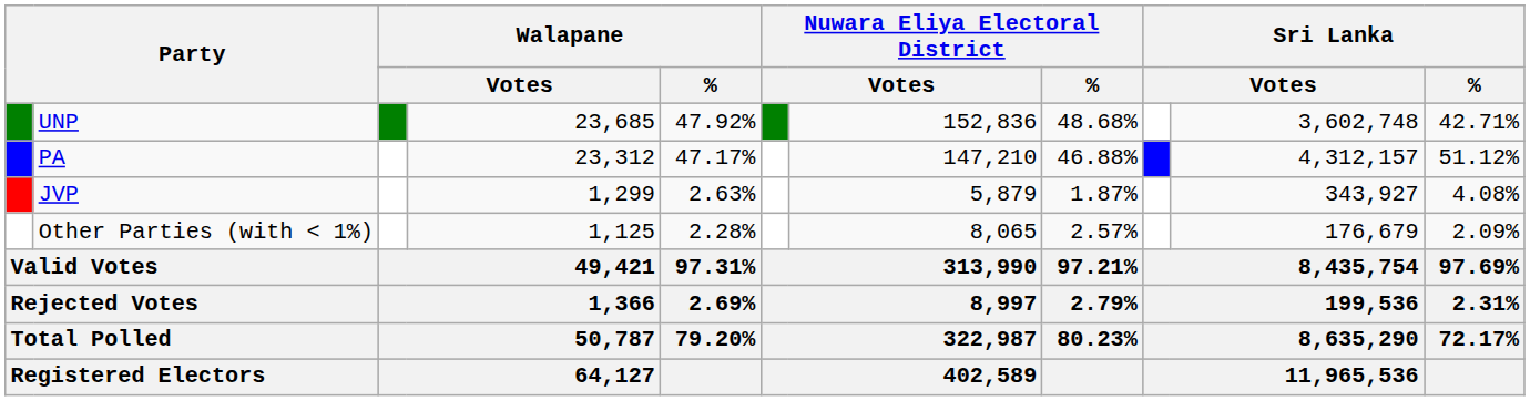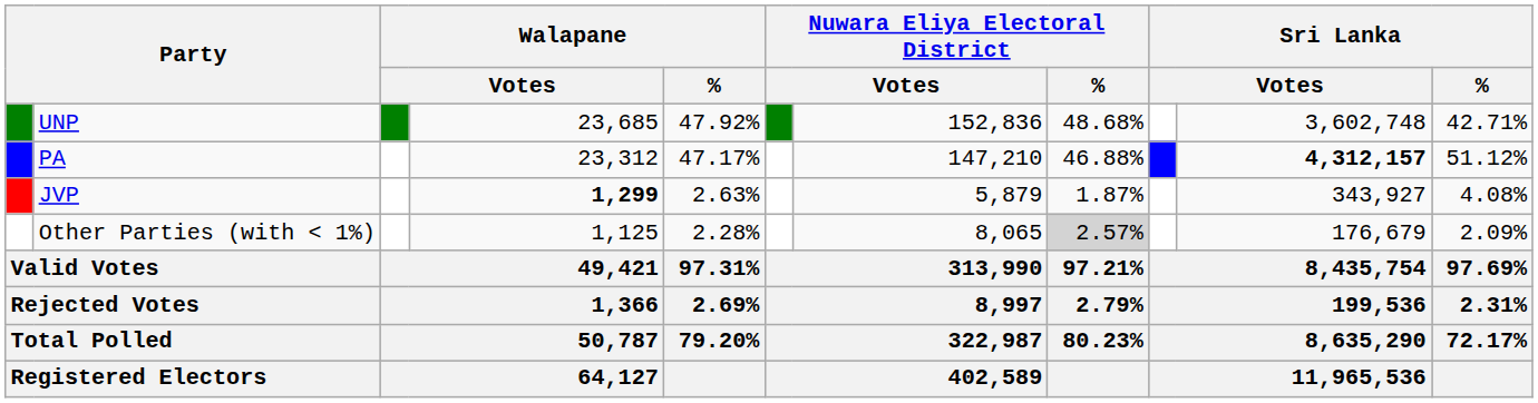 <table class="wikitable">
 <tr>
 <th colspan="2" width="144px"rowspan="2">Party</th>
 <th colspan="3" width="216px">Walapane</th>
 <th colspan="3" width="216px"><a href='#'>Nuwara Eliya Electoral District</a></th>
 <th colspan="3" width="216px">Sri Lanka</th>
 </tr>
 <tr>
 <th colspan="2" width="144px">Votes</th>
 <th>%</th>
 <th colspan="2" width="144px">Votes</th>
 <th>%</th>
 <th colspan="2" width="144px">Votes</th>
 <th>%</th>
 </tr>
 <tr>
 <td style="background-color:green;" width="10px"></td>
 <td style="text-align:left;"><a href='#'>UNP</a></td>
 <td style="background-color:green;" width="10px"></td>
 <td style="text-align:right;">23,685</td>
 <td style="text-align:right;">47.92%</td>
 <td style="background-color:green;" width="10px"></td>
 <td style="text-align:right;">152,836</td>
 <td style="text-align:right;">48.68%</td>
 <td style="background-color:white;" width="10px"></td>
 <td style="text-align:right;">3,602,748</td>
 <td style="text-align:right;">42.71%</td>
 </tr>
 <tr>
 <td style="background-color:blue;" width="10px"></td>
 <td style="text-align:left;"><a href='#'>PA</a></td>
 <td style="background-color:white;" width="10px"></td>
 <td style="text-align:right;">23,312</td>
 <td style="text-align:right;">47.17%</td>
 <td style="background-color:white;" width="10px"></td>
 <td style="text-align:right;">147,210</td>
 <td style="text-align:right;">46.88%</td>
 <td style="background-color:blue;" width="10px"></td>
-<td style="text-align:right;">4,312,157</td>
+<td style="text-align:right;"><strong>4,312,157</strong></td>
 <td style="text-align:right;">51.12%</td>
 </tr>
 <tr>
 <td style="background-color:red;" width="10px"></td>
 <td style="text-align:left;"><a href='#'>JVP</a></td>
 <td style="background-color:white;" width="10px"></td>
-<td style="text-align:right;">1,299</td>
+<td style="text-align:right;"><strong>1,299</strong></td>
 <td style="text-align:right;">2.63%</td>
 <td style="background-color:white;" width="10px"></td>
 <td style="text-align:right;">5,879</td>
 <td style="text-align:right;">1.87%</td>
 <td style="background-color:white;" width="10px"></td>
 <td style="text-align:right;">343,927</td>
 <td style="text-align:right;">4.08%</td>
 </tr>
 <tr>
 <td style="background-color:white;" width="10px"></td>
 <td style="text-align:left;">Other Parties (with < 1%)</td>
 <td style="background-color:white;" width="10px"></td>
 <td style="text-align:right;">1,125</td>
 <td style="text-align:right;">2.28%</td>
 <td style="background-color:white;" width="10px"></td>
 <td style="text-align:right;">8,065</td>
-<td style="text-align:right;">2.57%</td>
+<td style="background: lightgrey; text-align:right;">2.57%</td>
 <td style="background-color:white;" width="10px"></td>
 <td style="text-align:right;">176,679</td>
 <td style="text-align:right;">2.09%</td>
 </tr>
 <tr>
 <th colspan="2" width="144px"style="text-align:left;">Valid Votes</th>
 <th style="text-align:right;"colspan="2" width="144px">49,421</th>
 <th style="text-align:right;">97.31%</th>
 <th style="text-align:right;"colspan="2" width="144px">313,990</th>
 <th style="text-align:right;">97.21%</th>
 <th style="text-align:right;"colspan="2" width="144px">8,435,754</th>
 <th style="text-align:right;">97.69%</th>
 </tr>
 <tr>
 <th colspan="2" width="144px"style="text-align:left;">Rejected Votes</th>
 <th style="text-align:right;"colspan="2" width="144px">1,366</th>
 <th style="text-align:right;">2.69%</th>
 <th style="text-align:right;"colspan="2" width="144px">8,997</th>
 <th style="text-align:right;">2.79%</th>
 <th style="text-align:right;"colspan="2" width="144px">199,536</th>
 <th style="text-align:right;">2.31%</th>
 </tr>
 <tr>
 <th colspan="2" width="144px"style="text-align:left;">Total Polled</th>
 <th style="text-align:right;"colspan="2" width="144px">50,787</th>
 <th style="text-align:right;">79.20%</th>
 <th style="text-align:right;"colspan="2" width="144px">322,987</th>
 <th style="text-align:right;">80.23%</th>
 <th style="text-align:right;"colspan="2" width="144px">8,635,290</th>
 <th style="text-align:right;">72.17%</th>
 </tr>
 <tr>
 <th colspan="2" width="144px"style="text-align:left;">Registered Electors</th>
 <th style="text-align:right;"colspan="2" width="144px">64,127</th>
 <th></th>
 <th style="text-align:right;"colspan="2" width="144px">402,589</th>
 <th></th>
 <th style="text-align:right;"colspan="2" width="144px">11,965,536</th>
 <th></th>
 </tr>
 </table>
